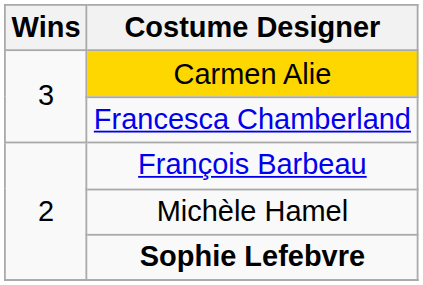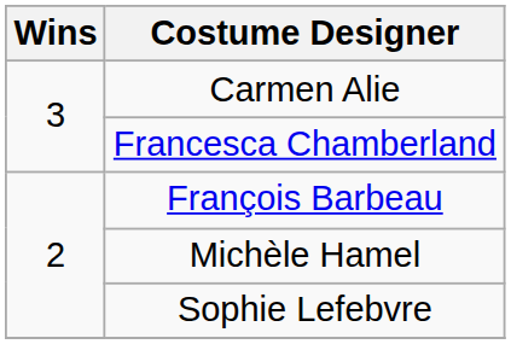 <table class="wikitable" style="text-align:center;">
 <tr>
 <th scope="col" width="17">Wins</th>
 <th scope="col" align="center">Costume Designer</th>
 </tr>
 <tr>
 <td rowspan="2" style="text-align:center;">3</td>
-<td style="background: gold;">Carmen Alie</td>
+<td>Carmen Alie</td>
 </tr>
 <tr>
 <td><a href='#'>Francesca Chamberland</a></td>
 </tr>
 <tr>
 <td rowspan="3" style="text-align:center;">2</td>
 <td><a href='#'>François Barbeau</a></td>
 </tr>
 <tr>
 <td>Michèle Hamel</td>
 </tr>
 <tr>
-<td><strong>Sophie Lefebvre</strong></td>
+<td>Sophie Lefebvre</td>
 </tr>
 <tr>
 </tr>
 </table>
